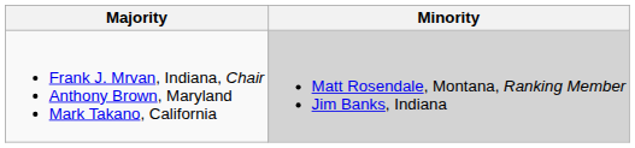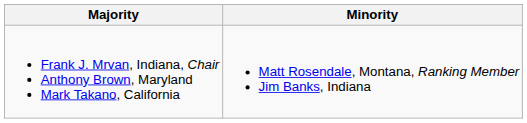 <table class="wikitable">
 <tr>
 <th>Majority</th>
 <th>Minority</th>
 </tr>
 <tr>
 <td><br><ul><li><a href='#'>Frank J. Mrvan</a>, Indiana, <em>Chair</em></li><li><a href='#'>Anthony Brown</a>, Maryland</li><li><a href='#'>Mark Takano</a>, California</li></ul></td>
-<td style="background: lightgrey;"><br><ul><li><a href='#'>Matt Rosendale</a>, Montana, <em>Ranking Member</em></li><li><a href='#'>Jim Banks</a>, Indiana</li></ul></td>
+<td><br><ul><li><a href='#'>Matt Rosendale</a>, Montana, <em>Ranking Member</em></li><li><a href='#'>Jim Banks</a>, Indiana</li></ul></td>
 </tr>
 </table>
